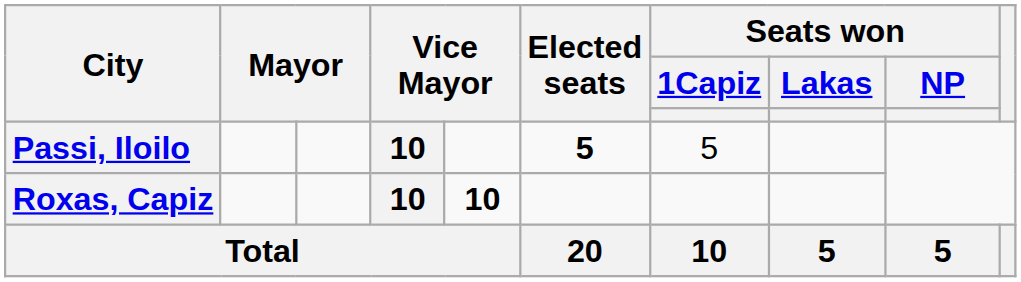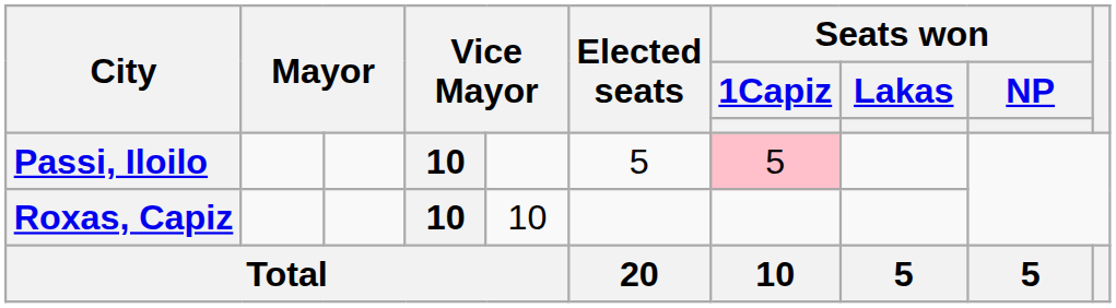 <table class="wikitable" style="text-align:center; font-size: 0.9em;">
 <tr>
 <th rowspan="3">City</th>
 <th colspan="2" rowspan="3" style="width:60px;">Mayor</th>
 <th colspan="2" rowspan="3" style="width:60px;">Vice Mayor</th>
 <th rowspan="3">Elected<br>seats</th>
 <th colspan="3">Seats won</th>
 <th rowspan="3"></th>
 </tr>
 <tr>
 <th class="unsortable" style="width:45px;"><a href='#'>1Capiz</a></th>
 <th class="unsortable" style="width:45px;"><a href='#'>Lakas</a></th>
 <th class="unsortable" style="width:45px;"><a href='#'>NP</a></th>
 </tr>
 <tr>
 <th style="color:inherit;background:"></th>
 <th style="color:inherit;background:"></th>
 <th style="color:inherit;background:"></th>
 </tr>
 <tr>
 <th style="text-align: left;"><a href='#'>Passi, Iloilo</a></th>
 <td></td>
 <td></td>
 <th>10</th>
 <td></td>
-<td><strong>5</strong></td>
 <td>5</td>
+<td style="background: pink;">5</td>
 <td></td>
 </tr>
 <tr>
 <th style="text-align: left;"><a href='#'>Roxas, Capiz</a></th>
 <td></td>
 <td></td>
 <th>10</th>
-<td><strong>10</strong></td>
+<td>10</td>
 <td></td>
 <td></td>
 <td></td>
 </tr>
 <tr>
 <th colspan="5">Total</th>
 <th>20</th>
 <th>10</th>
 <th>5</th>
 <th>5</th>
 <th></th>
 </tr>
 </table>
